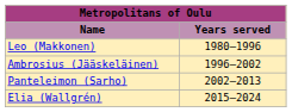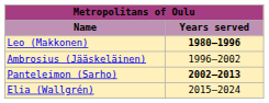 <table class="wikitable" style="font-size:95%; text-align:center; background:#FFF0BC ">
 <tr>
 <td style="background:#A63D82;" width=20 colspan=5><strong> Metropolitans of Oulu</strong></td>
 </tr>
 <tr>
 <th width=200 style=background:#BF91B4>Name</th>
 <th width=120 style=background:#BF91B4>Years served</th>
 </tr>
 <tr>
 <td align=left><a href='#'>Leo (Makkonen)</a></td>
-<td>1980–1996</td>
+<td><strong>1980–1996</strong></td>
 </tr>
 <tr>
 <td align=left><a href='#'>Ambrosius (Jääskeläinen)</a></td>
 <td>1996–2002</td>
 </tr>
 <tr>
 <td align=left><a href='#'>Panteleimon (Sarho)</a></td>
-<td>2002–2013</td>
+<td><strong>2002–2013</strong></td>
 </tr>
 <tr>
 <td align=left><a href='#'>Elia (Wallgrén)</a></td>
 <td>2015–2024</td>
 </tr>
 </table>
